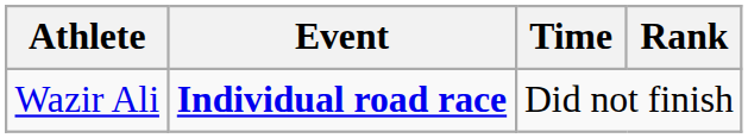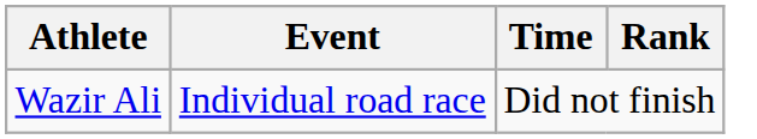 <table class=wikitable style=font-size:90%;text-align:center>
 <tr>
 <th>Athlete</th>
 <th>Event</th>
 <th>Time</th>
 <th>Rank</th>
 </tr>
 <tr>
 <td align=left><a href='#'>Wazir Ali</a></td>
-<td align=left><strong><a href='#'>Individual road race</a></strong></td>
+<td align=left><a href='#'>Individual road race</a></td>
 <td colspan=2>Did not finish</td>
 </tr>
 </table>
